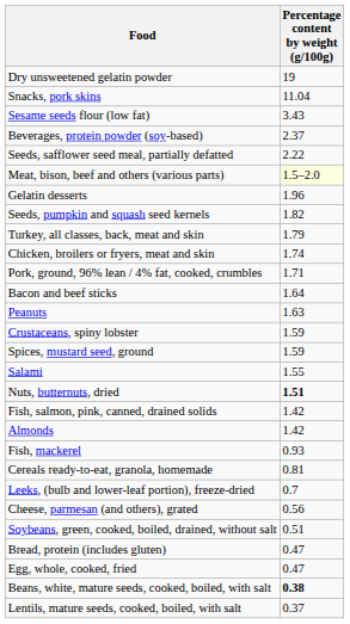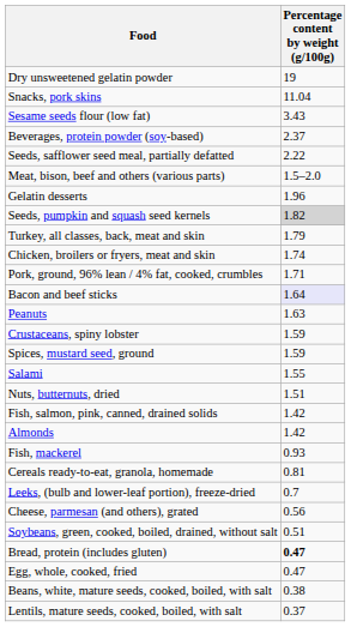 <table class=wikitable>
 <tr>
 <th>Food</th>
 <th>Percentage<br>content<br>by weight<br>(g/100g)</th>
 </tr>
 <tr>
 <td>Dry unsweetened gelatin powder</td>
 <td>19</td>
 </tr>
 <tr>
 <td>Snacks, <a href='#'>pork skins</a></td>
 <td>11.04</td>
 </tr>
 <tr>
 <td><a href='#'>Sesame seeds</a> flour (low fat)</td>
 <td>3.43</td>
 </tr>
 <tr>
 <td>Beverages, <a href='#'>protein powder</a> (<a href='#'>soy</a>-based)</td>
 <td>2.37</td>
 </tr>
 <tr>
 <td>Seeds, safflower seed meal, partially defatted</td>
 <td>2.22</td>
 </tr>
 <tr>
 <td>Meat, bison, beef and others (various parts)</td>
-<td style="background: lightyellow;">1.5–2.0</td>
+<td>1.5–2.0</td>
 </tr>
 <tr>
 <td>Gelatin desserts</td>
 <td>1.96</td>
 </tr>
 <tr>
 <td>Seeds, <a href='#'>pumpkin</a> and <a href='#'>squash</a> seed kernels</td>
-<td>1.82</td>
+<td style="background: lightgrey;">1.82</td>
 </tr>
 <tr>
 <td>Turkey, all classes, back, meat and skin</td>
 <td>1.79</td>
 </tr>
 <tr>
 <td>Chicken, broilers or fryers, meat and skin</td>
 <td>1.74</td>
 </tr>
 <tr>
 <td>Pork, ground, 96% lean / 4% fat, cooked, crumbles</td>
 <td>1.71</td>
 </tr>
 <tr>
 <td>Bacon and beef sticks</td>
-<td>1.64</td>
+<td style="background: lavender;">1.64</td>
 </tr>
 <tr>
 <td><a href='#'>Peanuts</a></td>
 <td>1.63</td>
 </tr>
 <tr>
 <td><a href='#'>Crustaceans</a>, spiny lobster</td>
 <td>1.59</td>
 </tr>
 <tr>
 <td>Spices, <a href='#'>mustard seed</a>, ground</td>
 <td>1.59</td>
 </tr>
 <tr>
 <td><a href='#'>Salami</a></td>
 <td>1.55</td>
 </tr>
 <tr>
 <td>Nuts, <a href='#'>butternuts</a>, dried</td>
-<td><strong>1.51</strong></td>
+<td>1.51</td>
 </tr>
 <tr>
 <td>Fish, salmon, pink, canned, drained solids</td>
 <td>1.42</td>
 </tr>
 <tr>
 <td><a href='#'>Almonds</a></td>
 <td>1.42</td>
 </tr>
 <tr>
 <td>Fish, <a href='#'>mackerel</a></td>
 <td>0.93</td>
 </tr>
 <tr>
 <td>Cereals ready-to-eat, granola, homemade</td>
 <td>0.81</td>
 </tr>
 <tr>
 <td><a href='#'>Leeks</a>, (bulb and lower-leaf portion), freeze-dried</td>
 <td>0.7</td>
 </tr>
 <tr>
 <td>Cheese, <a href='#'>parmesan</a> (and others), grated</td>
 <td>0.56</td>
 </tr>
 <tr>
 <td><a href='#'>Soybeans</a>, green, cooked, boiled, drained, without salt</td>
 <td>0.51</td>
 </tr>
 <tr>
 <td>Bread, protein (includes gluten)</td>
-<td>0.47</td>
+<td><strong>0.47</strong></td>
 </tr>
 <tr>
 <td>Egg, whole, cooked, fried</td>
 <td>0.47</td>
 </tr>
 <tr>
 <td>Beans, white, mature seeds, cooked, boiled, with salt</td>
-<td><strong>0.38</strong></td>
+<td>0.38</td>
 </tr>
 <tr>
 <td>Lentils, mature seeds, cooked, boiled, with salt</td>
 <td>0.37</td>
 </tr>
 </table>
